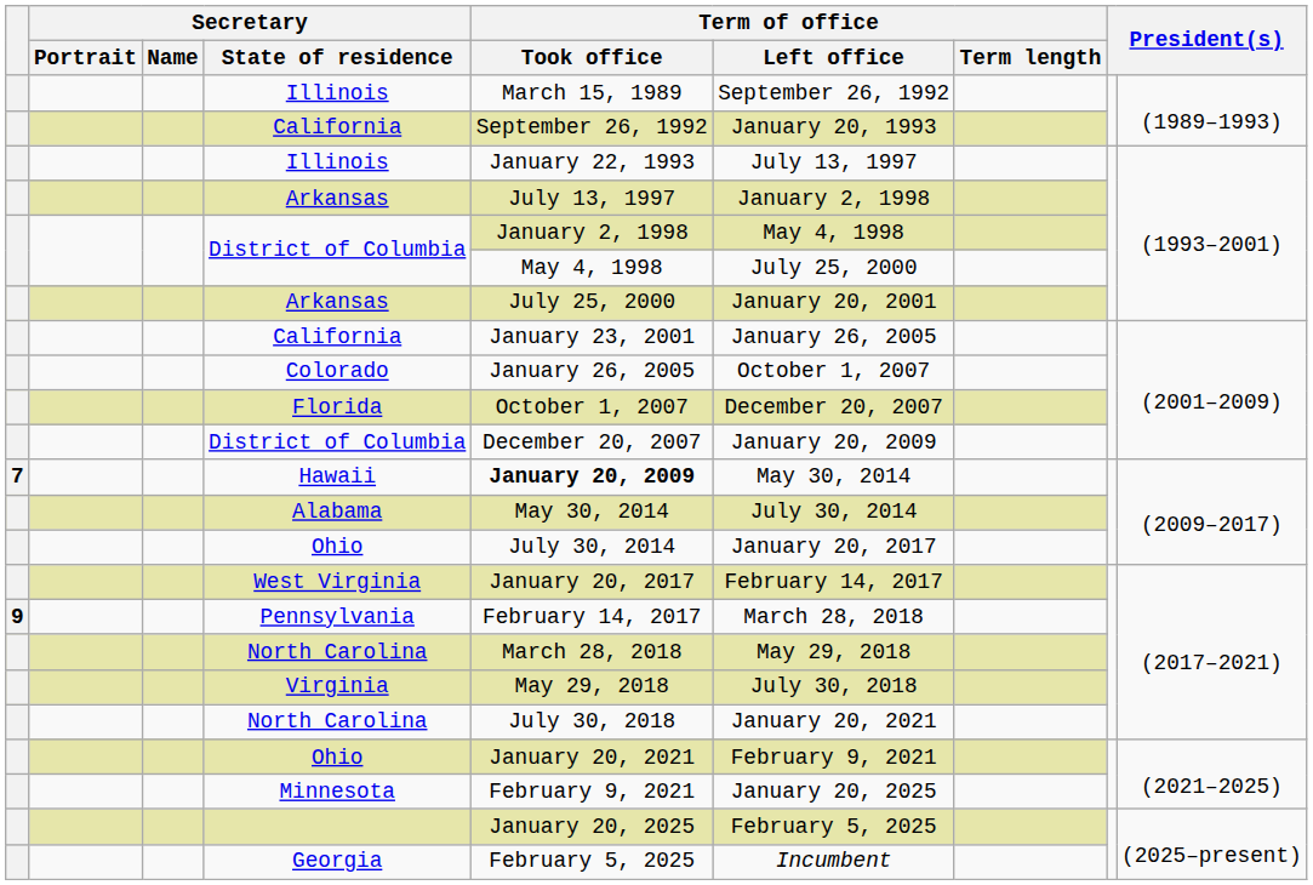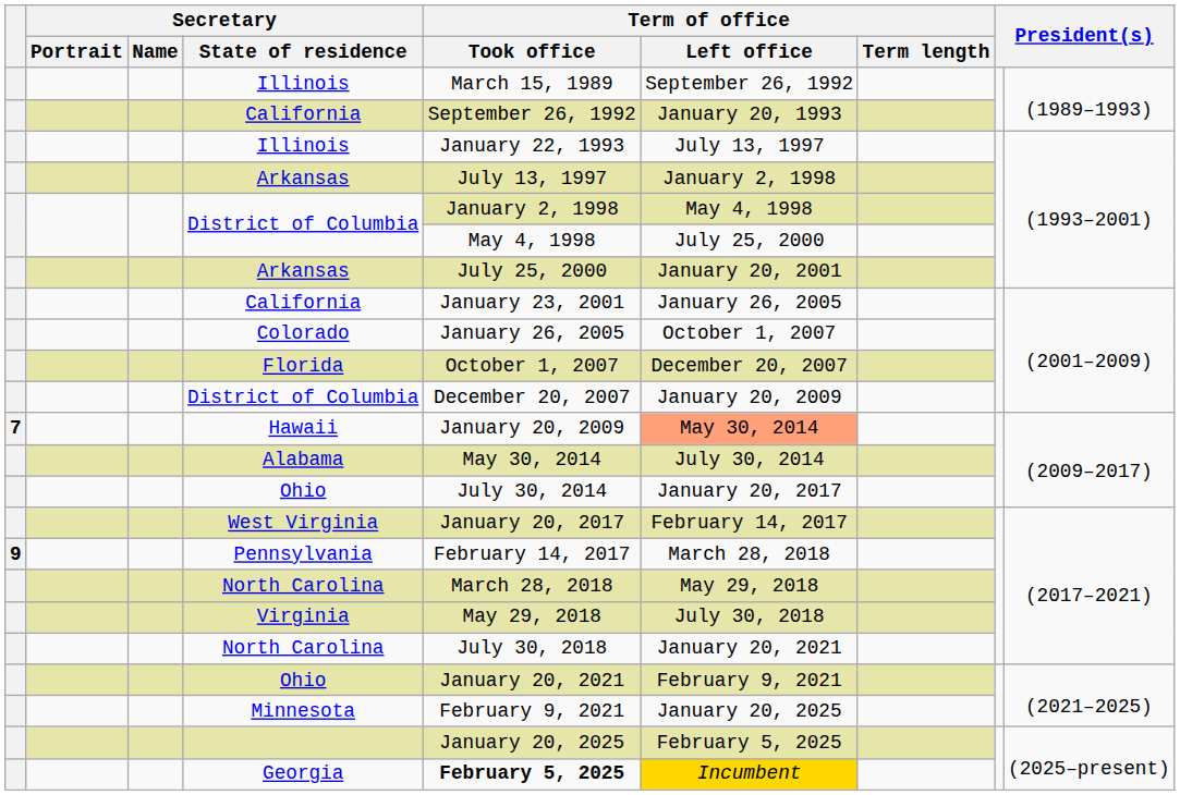 <table class="wikitable sortable" style="text-align:center">
 <tr>
 <th rowspan=2></th>
 <th colspan=3>Secretary</th>
 <th colspan=3>Term of office</th>
 <th colspan=2 rowspan=2><a href='#'>President(s)</a></th>
 </tr>
 <tr>
 <th class=unsortable>Portrait</th>
 <th>Name</th>
 <th>State of residence</th>
 <th>Took office</th>
 <th>Left office</th>
 <th>Term length</th>
 </tr>
 <tr>
 <th style="background: "></th>
 <td></td>
 <td></td>
 <td><a href='#'>Illinois</a></td>
 <td>March 15, 1989</td>
 <td>September 26, 1992</td>
 <td></td>
 <td rowspan=2 style="background: "></td>
 <td rowspan=2><br>(1989–1993)</td>
 </tr>
 <tr style="background:#E6E6AA;">
 <th style="background: "></th>
 <td></td>
 <td><br></td>
 <td><a href='#'>California</a></td>
 <td>September 26, 1992</td>
 <td>January 20, 1993</td>
 <td></td>
 </tr>
 <tr>
 <th style="background: "></th>
 <td></td>
 <td></td>
 <td><a href='#'>Illinois</a></td>
 <td>January 22, 1993</td>
 <td>July 13, 1997</td>
 <td></td>
 <td rowspan=5 style="background: "></td>
 <td rowspan=5><br>(1993–2001)</td>
 </tr>
 <tr style="background:#E6E6AA;">
 <th style="background: "></th>
 <td></td>
 <td><br></td>
 <td><a href='#'>Arkansas</a></td>
 <td>July 13, 1997</td>
 <td>January 2, 1998</td>
 <td></td>
 </tr>
 <tr>
 <th rowspan=2 style="background: "></th>
 <td rowspan=2></td>
 <td rowspan=2></td>
 <td rowspan=2><a href='#'>District of Columbia</a></td>
 <td style="background:#e6e6aa;">January 2, 1998</td>
 <td style="background:#e6e6aa;">May 4, 1998</td>
 <td style="background:#e6e6aa;"></td>
 </tr>
 <tr>
 <td>May 4, 1998</td>
 <td>July 25, 2000</td>
 <td></td>
 </tr>
 <tr style="background:#E6E6AA;">
 <th style="background: "></th>
 <td></td>
 <td><br></td>
 <td><a href='#'>Arkansas</a></td>
 <td>July 25, 2000</td>
 <td>January 20, 2001</td>
 <td></td>
 </tr>
 <tr>
 <th style="background: "></th>
 <td></td>
 <td></td>
 <td><a href='#'>California</a></td>
 <td>January 23, 2001</td>
 <td>January 26, 2005</td>
 <td></td>
 <td rowspan=4 style="background: "></td>
 <td rowspan=4><br>(2001–2009)</td>
 </tr>
 <tr>
 <th style="background: "></th>
 <td></td>
 <td></td>
 <td><a href='#'>Colorado</a></td>
 <td>January 26, 2005</td>
 <td>October 1, 2007</td>
 <td></td>
 </tr>
 <tr style="background:#E6E6AA;">
 <th style="background: "></th>
 <td></td>
 <td><br></td>
 <td><a href='#'>Florida</a></td>
 <td>October 1, 2007</td>
 <td>December 20, 2007</td>
 <td></td>
 </tr>
 <tr>
 <th style="background: "></th>
 <td></td>
 <td></td>
 <td><a href='#'>District of Columbia</a></td>
 <td>December 20, 2007</td>
 <td>January 20, 2009</td>
 <td></td>
 </tr>
 <tr>
 <th style="background: ">7</th>
 <td></td>
 <td></td>
 <td><a href='#'>Hawaii</a></td>
-<td><strong>January 20, 2009</strong></td>
-<td>May 30, 2014</td>
+<td>January 20, 2009</td>
+<td style="background: lightsalmon;">May 30, 2014</td>
 <td></td>
 <td rowspan=3 style="background: "></td>
 <td rowspan=3><br>(2009–2017)</td>
 </tr>
 <tr style="background:#e6e6aa;">
 <th style="background: "></th>
 <td></td>
 <td><br></td>
 <td><a href='#'>Alabama</a></td>
 <td>May 30, 2014</td>
 <td>July 30, 2014</td>
 <td></td>
 </tr>
 <tr>
 <th style="background: "></th>
 <td></td>
 <td></td>
 <td><a href='#'>Ohio</a></td>
 <td>July 30, 2014</td>
 <td>January 20, 2017</td>
 <td></td>
 </tr>
 <tr>
 <th style="background: "></th>
 <td style="background:#E6E6AA;"></td>
 <td style="background:#E6E6AA;"><br></td>
 <td style="background:#E6E6AA;"><a href='#'>West Virginia</a></td>
 <td style="background:#E6E6AA;">January 20, 2017</td>
 <td style="background:#E6E6AA;">February 14, 2017</td>
 <td style="background:#E6E6AA;"></td>
 <td rowspan=5 style="background: "></td>
 <td rowspan=5><br>(2017–2021)</td>
 </tr>
 <tr>
 <th style="background: ">9</th>
 <td></td>
 <td></td>
 <td><a href='#'>Pennsylvania</a></td>
 <td>February 14, 2017</td>
 <td>March 28, 2018</td>
 <td></td>
 </tr>
 <tr style="background:#E6E6AA;">
 <th style="background: "></th>
 <td></td>
 <td><br></td>
 <td><a href='#'>North Carolina</a></td>
 <td>March 28, 2018</td>
 <td>May 29, 2018</td>
 <td></td>
 </tr>
 <tr style="background:#E6E6AA;">
 <th style="background: "></th>
 <td></td>
 <td><br></td>
 <td><a href='#'>Virginia</a></td>
 <td>May 29, 2018</td>
 <td>July 30, 2018</td>
 <td></td>
 </tr>
 <tr>
 <th style="background: "></th>
 <td></td>
 <td></td>
 <td><a href='#'>North Carolina</a></td>
 <td>July 30, 2018</td>
 <td>January 20, 2021</td>
 <td></td>
 </tr>
 <tr>
 <th style="background: "></th>
 <td style="background:#E6E6AA;"></td>
 <td style="background:#E6E6AA;"><br></td>
 <td style="background:#E6E6AA;"><a href='#'>Ohio</a></td>
 <td style="background:#E6E6AA;">January 20, 2021</td>
 <td style="background:#E6E6AA;">February 9, 2021</td>
 <td style="background:#E6E6AA;"></td>
 <td rowspan=2 style="background: "></td>
 <td rowspan=2><br>(2021–2025)</td>
 </tr>
 <tr>
 <th style="background: "></th>
 <td></td>
 <td></td>
 <td><a href='#'>Minnesota</a></td>
 <td>February 9, 2021</td>
 <td>January 20, 2025</td>
 <td></td>
 </tr>
 <tr>
 <th style="background: "></th>
 <td style="background:#E6E6AA;"></td>
 <td style="background:#E6E6AA;"><br></td>
 <td style="background:#E6E6AA;"></td>
 <td style="background:#E6E6AA;">January 20, 2025</td>
 <td style="background:#E6E6AA;">February 5, 2025</td>
 <td style="background:#E6E6AA;"></td>
 <td rowspan=2 style="background: "></td>
 <td rowspan=2><br>(2025–present)</td>
 </tr>
 <tr>
 <th style="background: "></th>
 <td></td>
 <td></td>
 <td><a href='#'>Georgia</a></td>
-<td>February 5, 2025</td>
-<td><em>Incumbent</em></td>
+<td><strong>February 5, 2025</strong></td>
+<td style="background: gold;"><em>Incumbent</em></td>
 <td></td>
 </tr>
 </table>
